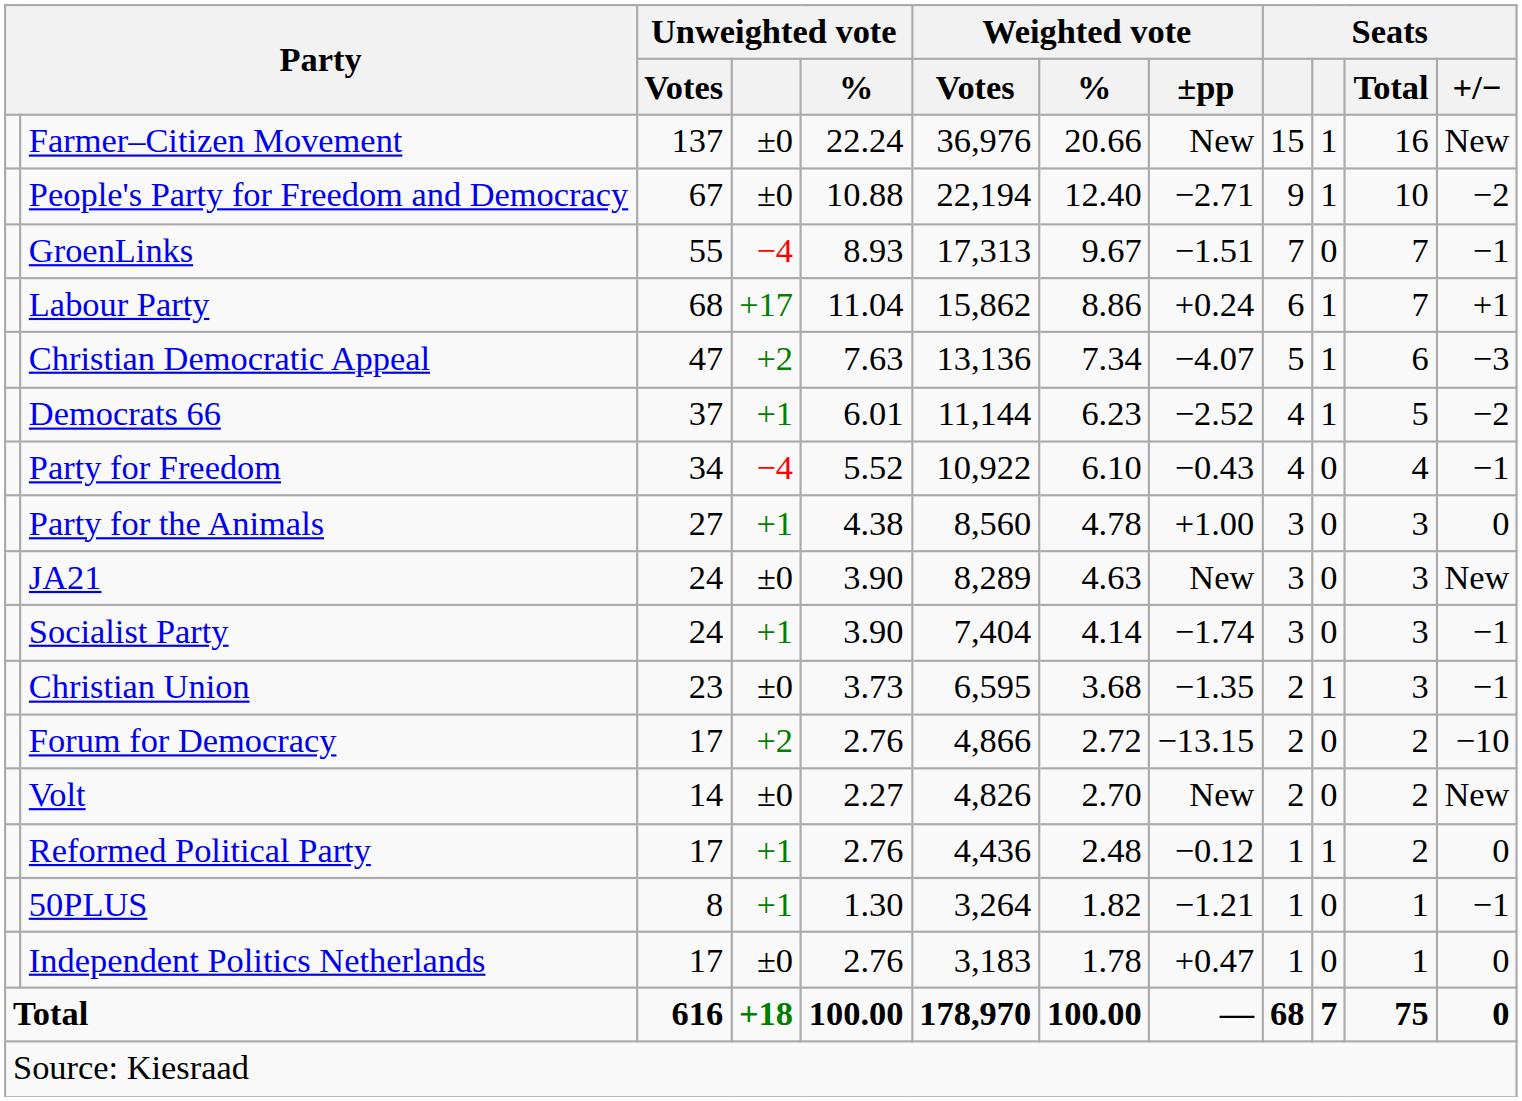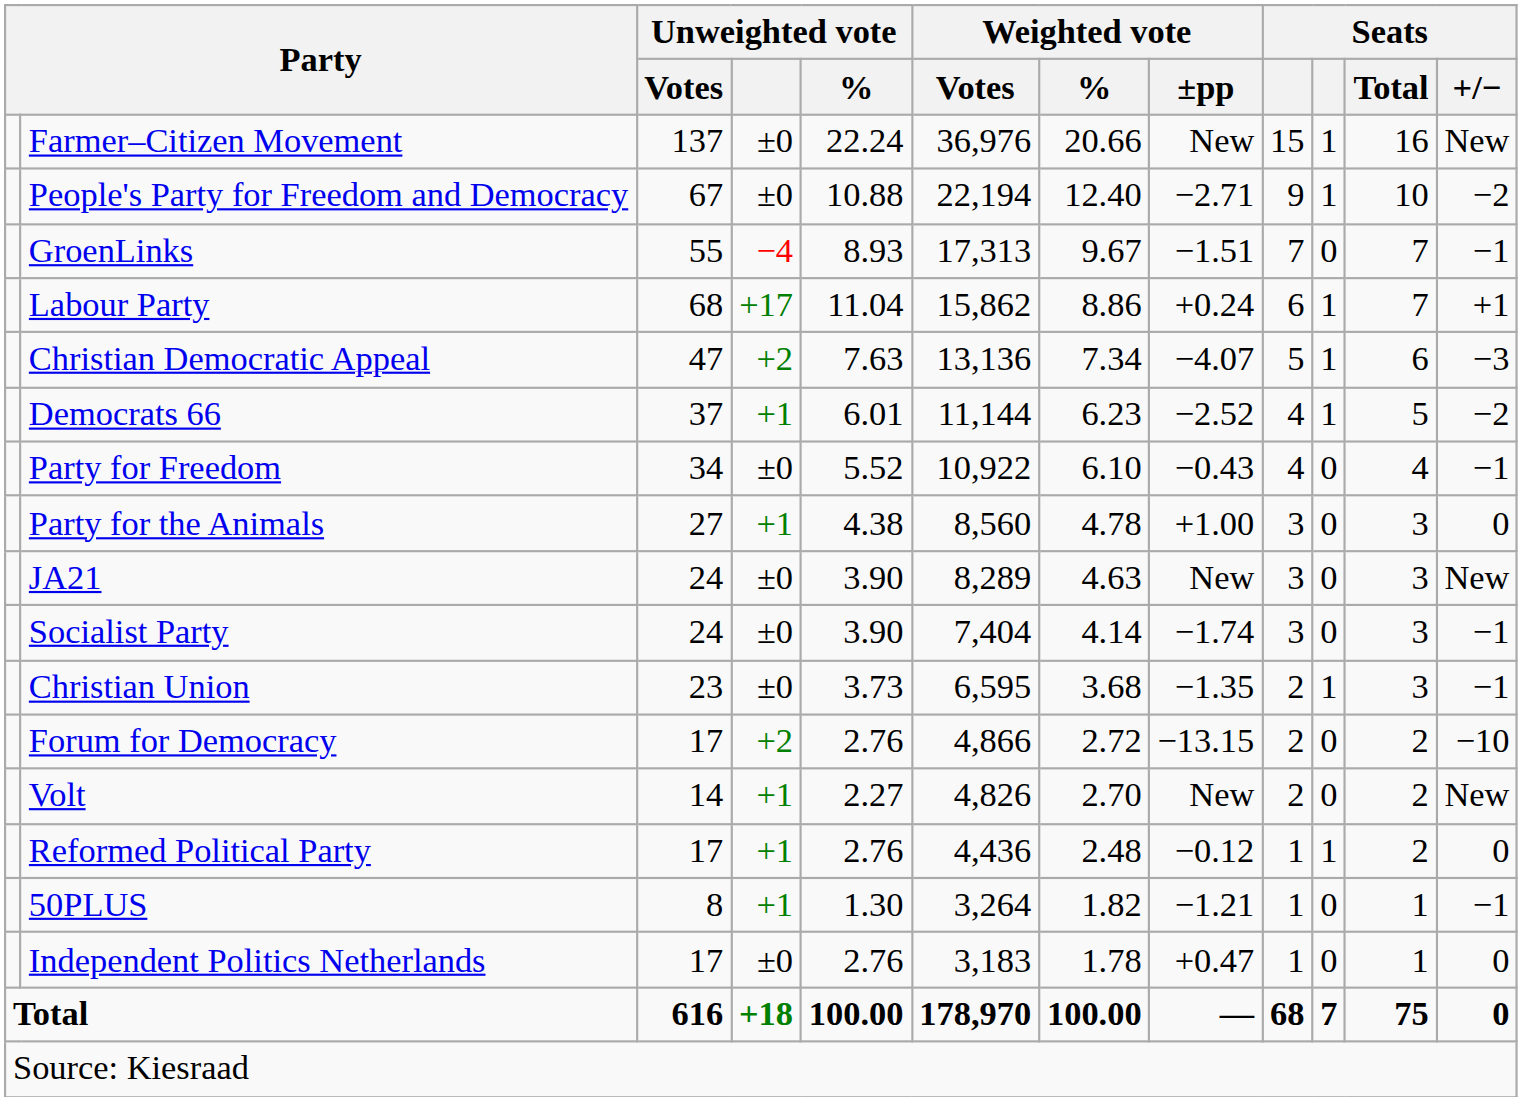 <table class="wikitable" style="text-align:right;">
 <tr>
 <th colspan=2 rowspan=2>Party</th>
 <th colspan=3>Unweighted vote</th>
 <th colspan=3>Weighted vote</th>
 <th colspan=4>Seats</th>
 </tr>
 <tr>
 <th>Votes</th>
 <th></th>
 <th>%</th>
 <th>Votes</th>
 <th>%</th>
 <th>±pp</th>
 <th></th>
 <th></th>
 <th>Total</th>
 <th>+/−</th>
 </tr>
 <tr>
 <td style="color:inherit;background:"></td>
 <td align="left"><a href='#'>Farmer–Citizen Movement</a></td>
 <td>137</td>
 <td>±0</td>
 <td>22.24</td>
 <td>36,976</td>
 <td>20.66</td>
 <td>New</td>
 <td>15</td>
 <td>1</td>
 <td>16</td>
 <td>New</td>
 </tr>
 <tr>
 <td style="color:inherit;background:"></td>
 <td align="left"><a href='#'>People's Party for Freedom and Democracy</a></td>
 <td>67</td>
 <td>±0</td>
 <td>10.88</td>
 <td>22,194</td>
 <td>12.40</td>
 <td>−2.71</td>
 <td>9</td>
 <td>1</td>
 <td>10</td>
 <td>−2</td>
 </tr>
 <tr>
 <td style="color:inherit;background:"></td>
 <td align="left"><a href='#'>GroenLinks</a></td>
 <td>55</td>
 <td style="color:red;">−4</td>
 <td>8.93</td>
 <td>17,313</td>
 <td>9.67</td>
 <td>−1.51</td>
 <td>7</td>
 <td>0</td>
 <td>7</td>
 <td>−1</td>
 </tr>
 <tr>
 <td style="color:inherit;background:"></td>
 <td align="left"><a href='#'>Labour Party</a></td>
 <td>68</td>
 <td style="color:green;">+17</td>
 <td>11.04</td>
 <td>15,862</td>
 <td>8.86</td>
 <td>+0.24</td>
 <td>6</td>
 <td>1</td>
 <td>7</td>
 <td>+1</td>
 </tr>
 <tr>
 <td style="color:inherit;background:"></td>
 <td align="left"><a href='#'>Christian Democratic Appeal</a></td>
 <td>47</td>
 <td style="color:green;">+2</td>
 <td>7.63</td>
 <td>13,136</td>
 <td>7.34</td>
 <td>−4.07</td>
 <td>5</td>
 <td>1</td>
 <td>6</td>
 <td>−3</td>
 </tr>
 <tr>
 <td style="color:inherit;background:"></td>
 <td align="left"><a href='#'>Democrats 66</a></td>
 <td>37</td>
 <td style="color:green;">+1</td>
 <td>6.01</td>
 <td>11,144</td>
 <td>6.23</td>
 <td>−2.52</td>
 <td>4</td>
 <td>1</td>
 <td>5</td>
 <td>−2</td>
 </tr>
 <tr>
 <td style="color:inherit;background:"></td>
 <td align="left"><a href='#'>Party for Freedom</a></td>
 <td>34</td>
-<td style="color:red;">−4</td>
+<td>±0</td>
 <td>5.52</td>
 <td>10,922</td>
 <td>6.10</td>
 <td>−0.43</td>
 <td>4</td>
 <td>0</td>
 <td>4</td>
 <td>−1</td>
 </tr>
 <tr>
 <td style="color:inherit;background:"></td>
 <td align="left"><a href='#'>Party for the Animals</a></td>
 <td>27</td>
 <td style="color:green;">+1</td>
 <td>4.38</td>
 <td>8,560</td>
 <td>4.78</td>
 <td>+1.00</td>
 <td>3</td>
 <td>0</td>
 <td>3</td>
 <td>0</td>
 </tr>
 <tr>
 <td style="color:inherit;background:"></td>
 <td align="left"><a href='#'>JA21</a></td>
 <td>24</td>
 <td>±0</td>
 <td>3.90</td>
 <td>8,289</td>
 <td>4.63</td>
 <td>New</td>
 <td>3</td>
 <td>0</td>
 <td>3</td>
 <td>New</td>
 </tr>
 <tr>
 <td style="color:inherit;background:"></td>
 <td align="left"><a href='#'>Socialist Party</a></td>
 <td>24</td>
-<td style="color:green;">+1</td>
+<td>±0</td>
 <td>3.90</td>
 <td>7,404</td>
 <td>4.14</td>
 <td>−1.74</td>
 <td>3</td>
 <td>0</td>
 <td>3</td>
 <td>−1</td>
 </tr>
 <tr>
 <td style="color:inherit;background:"></td>
 <td align="left"><a href='#'>Christian Union</a></td>
 <td>23</td>
 <td>±0</td>
 <td>3.73</td>
 <td>6,595</td>
 <td>3.68</td>
 <td>−1.35</td>
 <td>2</td>
 <td>1</td>
 <td>3</td>
 <td>−1</td>
 </tr>
 <tr>
 <td style="color:inherit;background:"></td>
 <td align="left"><a href='#'>Forum for Democracy</a></td>
 <td>17</td>
 <td style="color:green;">+2</td>
 <td>2.76</td>
 <td>4,866</td>
 <td>2.72</td>
 <td>−13.15</td>
 <td>2</td>
 <td>0</td>
 <td>2</td>
 <td>−10</td>
 </tr>
 <tr>
 <td style="color:inherit;background:"></td>
 <td align="left"><a href='#'>Volt</a></td>
 <td>14</td>
-<td>±0</td>
+<td style="color:green;">+1</td>
 <td>2.27</td>
 <td>4,826</td>
 <td>2.70</td>
 <td>New</td>
 <td>2</td>
 <td>0</td>
 <td>2</td>
 <td>New</td>
 </tr>
 <tr>
 <td style="color:inherit;background:"></td>
 <td align="left"><a href='#'>Reformed Political Party</a></td>
 <td>17</td>
 <td style="color:green;">+1</td>
 <td>2.76</td>
 <td>4,436</td>
 <td>2.48</td>
 <td>−0.12</td>
 <td>1</td>
 <td>1</td>
 <td>2</td>
 <td>0</td>
 </tr>
 <tr>
 <td style="color:inherit;background:"></td>
 <td align="left"><a href='#'>50PLUS</a></td>
 <td>8</td>
 <td style="color:green;">+1</td>
 <td>1.30</td>
 <td>3,264</td>
 <td>1.82</td>
 <td>−1.21</td>
 <td>1</td>
 <td>0</td>
 <td>1</td>
 <td>−1</td>
 </tr>
 <tr>
 <td style="color:inherit;background:"></td>
 <td align="left"><a href='#'>Independent Politics Netherlands</a></td>
 <td>17</td>
 <td>±0</td>
 <td>2.76</td>
 <td>3,183</td>
 <td>1.78</td>
 <td>+0.47</td>
 <td>1</td>
 <td>0</td>
 <td>1</td>
 <td>0</td>
 </tr>
 <tr style="font-weight:bold;">
 <td align="left" colspan="2">Total</td>
 <td>616</td>
 <td style="color:green;">+18</td>
 <td>100.00</td>
 <td>178,970</td>
 <td>100.00</td>
 <td>—</td>
 <td>68</td>
 <td>7</td>
 <td>75</td>
 <td>0</td>
 </tr>
 <tr>
 <td align="left" colspan="12">Source: Kiesraad</td>
 </tr>
 </table>
